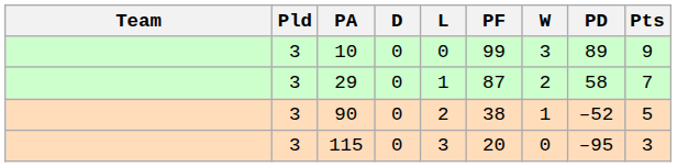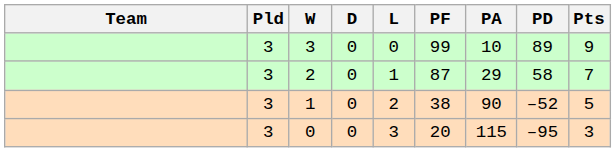 <table class="wikitable" style="text-align:center;">
 <tr>
 <th width=175>Team</th>
 <th width=25 abbr="Played">Pld</th>
-<th width=32 abbr="Points against">PA</th>
+<th width=25 abbr="Won">W</th>
 <th width=25 abbr="Drawn">D</th>
 <th width=25 abbr="Lost">L</th>
 <th width=32 abbr="Points for">PF</th>
-<th width=25 abbr="Won">W</th>
+<th width=32 abbr="Points against">PA</th>
 <th width=32 abbr="Points difference">PD</th>
 <th width=25 abbr="Points">Pts</th>
 </tr>
 <tr bgcolor="#ccffcc">
 <td align=left></td>
 <td>3</td>
-<td>10</td>
+<td>3</td>
 <td>0</td>
 <td>0</td>
 <td>99</td>
-<td>3</td>
+<td>10</td>
 <td>89</td>
 <td>9</td>
 </tr>
 <tr bgcolor="#ccffcc">
 <td align=left></td>
 <td>3</td>
-<td>29</td>
+<td>2</td>
 <td>0</td>
 <td>1</td>
 <td>87</td>
-<td>2</td>
+<td>29</td>
 <td>58</td>
 <td>7</td>
 </tr>
 <tr bgcolor="#ffddbb">
 <td align=left></td>
 <td>3</td>
-<td>90</td>
+<td>1</td>
 <td>0</td>
 <td>2</td>
 <td>38</td>
-<td>1</td>
+<td>90</td>
 <td>–52</td>
 <td>5</td>
 </tr>
 <tr bgcolor="#ffddbb">
 <td align=left></td>
 <td>3</td>
-<td>115</td>
+<td>0</td>
 <td>0</td>
 <td>3</td>
 <td>20</td>
-<td>0</td>
+<td>115</td>
 <td>–95</td>
 <td>3</td>
 </tr>
 </table>
